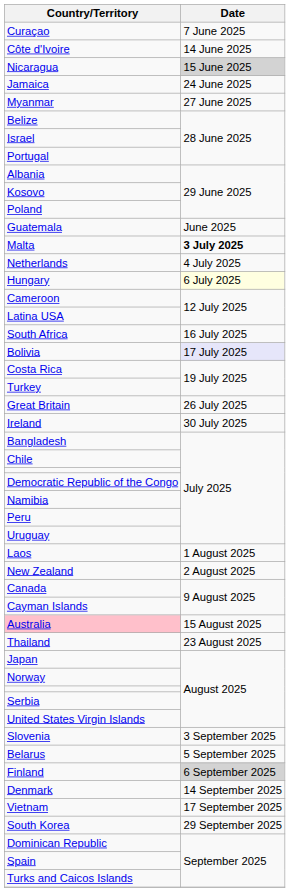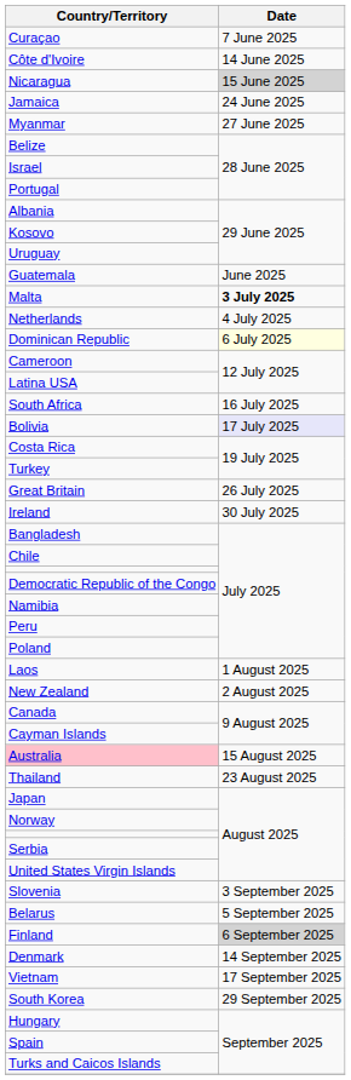 <table class="wikitable sortable" style="font-size: 95%;">
 <tr>
 <th>Country/Territory</th>
 <th>Date</th>
 </tr>
 <tr>
 <td> <a href='#'>Curaçao</a></td>
 <td>7 June 2025</td>
 </tr>
 <tr>
 <td> <a href='#'>Côte d'Ivoire</a></td>
 <td>14 June 2025</td>
 </tr>
 <tr>
 <td> <a href='#'>Nicaragua</a></td>
 <td style="background: lightgrey;">15 June 2025</td>
 </tr>
 <tr>
 <td> <a href='#'>Jamaica</a></td>
 <td>24 June 2025</td>
 </tr>
 <tr>
 <td> <a href='#'>Myanmar</a></td>
 <td>27 June 2025</td>
 </tr>
 <tr>
 <td> <a href='#'>Belize</a></td>
 <td rowspan="3">28 June 2025</td>
 </tr>
 <tr>
 <td> <a href='#'>Israel</a></td>
 </tr>
 <tr>
 <td> <a href='#'>Portugal</a></td>
 </tr>
 <tr>
 <td> <a href='#'>Albania</a></td>
 <td rowspan="3">29 June 2025</td>
 </tr>
 <tr>
 <td> <a href='#'>Kosovo</a></td>
 </tr>
 <tr>
-<td> <a href='#'>Poland</a></td>
+<td> <a href='#'>Uruguay</a></td>
 </tr>
 <tr>
 <td> <a href='#'>Guatemala</a></td>
 <td>June 2025</td>
 </tr>
 <tr>
 <td> <a href='#'>Malta</a></td>
 <td><strong>3 July 2025</strong></td>
 </tr>
 <tr>
 <td> <a href='#'>Netherlands</a></td>
 <td>4 July 2025</td>
 </tr>
 <tr>
-<td> <a href='#'>Hungary</a></td>
+<td> <a href='#'>Dominican Republic</a></td>
 <td style="background: lightyellow;">6 July 2025</td>
 </tr>
 <tr>
 <td> <a href='#'>Cameroon</a></td>
 <td rowspan="2">12 July 2025</td>
 </tr>
 <tr>
 <td> <a href='#'>Latina USA</a></td>
 </tr>
 <tr>
 <td> <a href='#'>South Africa</a></td>
 <td>16 July 2025</td>
 </tr>
 <tr>
 <td> <a href='#'>Bolivia</a></td>
 <td style="background: lavender;">17 July 2025</td>
 </tr>
 <tr>
 <td> <a href='#'>Costa Rica</a></td>
 <td rowspan="2">19 July 2025</td>
 </tr>
 <tr>
 <td> <a href='#'>Turkey</a></td>
 </tr>
 <tr>
 <td> <a href='#'>Great Britain</a></td>
 <td>26 July 2025</td>
 </tr>
 <tr>
 <td> <a href='#'>Ireland</a></td>
 <td>30 July 2025</td>
 </tr>
 <tr>
 <td> <a href='#'>Bangladesh</a></td>
 <td rowspan="7">July 2025</td>
 </tr>
 <tr>
 <td> <a href='#'>Chile</a></td>
 </tr>
 <tr>
 <td></td>
 </tr>
 <tr>
 <td> <a href='#'>Democratic Republic of the Congo</a></td>
 </tr>
 <tr>
 <td> <a href='#'>Namibia</a></td>
 </tr>
 <tr>
 <td> <a href='#'>Peru</a></td>
 </tr>
 <tr>
-<td> <a href='#'>Uruguay</a></td>
+<td> <a href='#'>Poland</a></td>
 </tr>
 <tr>
 <td> <a href='#'>Laos</a></td>
 <td>1 August 2025</td>
 </tr>
 <tr>
 <td> <a href='#'>New Zealand</a></td>
 <td>2 August 2025</td>
 </tr>
 <tr>
 <td> <a href='#'>Canada</a></td>
 <td rowspan="2">9 August 2025</td>
 </tr>
 <tr>
 <td> <a href='#'>Cayman Islands</a></td>
 </tr>
 <tr>
 <td style="background: pink;"> <a href='#'>Australia</a></td>
 <td>15 August 2025</td>
 </tr>
 <tr>
 <td> <a href='#'>Thailand</a></td>
 <td>23 August 2025</td>
 </tr>
 <tr>
 <td> <a href='#'>Japan</a></td>
 <td rowspan="5">August 2025</td>
 </tr>
 <tr>
 <td> <a href='#'>Norway</a></td>
 </tr>
 <tr>
 <td></td>
 </tr>
 <tr>
 <td> <a href='#'>Serbia</a></td>
 </tr>
 <tr>
 <td> <a href='#'>United States Virgin Islands</a></td>
 </tr>
 <tr>
 <td> <a href='#'>Slovenia</a></td>
 <td>3 September 2025</td>
 </tr>
 <tr>
 <td> <a href='#'>Belarus</a></td>
 <td>5 September 2025</td>
 </tr>
 <tr>
 <td> <a href='#'>Finland</a></td>
 <td style="background: lightgrey;">6 September 2025</td>
 </tr>
 <tr>
 <td> <a href='#'>Denmark</a></td>
 <td>14 September 2025</td>
 </tr>
 <tr>
 <td> <a href='#'>Vietnam</a></td>
 <td>17 September 2025</td>
 </tr>
 <tr>
 <td> <a href='#'>South Korea</a></td>
 <td>29 September 2025</td>
 </tr>
 <tr>
-<td> <a href='#'>Dominican Republic</a></td>
+<td> <a href='#'>Hungary</a></td>
 <td rowspan="3">September 2025</td>
 </tr>
 <tr>
 <td> <a href='#'>Spain</a></td>
 </tr>
 <tr>
 <td> <a href='#'>Turks and Caicos Islands</a></td>
 </tr>
 <tr>
 </tr>
 </table>
